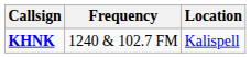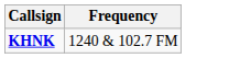 <table class="wikitable sortable">
 <tr>
 <th>Callsign</th>
 <th>Frequency</th>
-<th>Location</th>
 </tr>
 <tr>
 <td><strong><a href='#'>KHNK</a></strong></td>
 <td>1240 & 102.7 FM</td>
-<td><a href='#'>Kalispell</a></td>
 </tr>
 </table>
